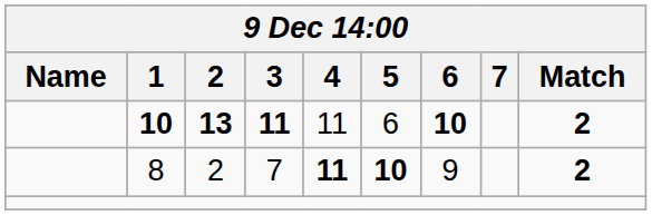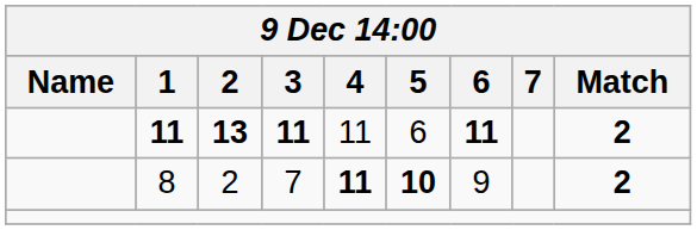 <table class=wikitable style="text-align:center; width: 55%">
 <tr>
 <th colspan=17><em> 9 Dec 14:00</em></th>
 </tr>
 <tr>
 <th>Name</th>
 <th>1</th>
 <th>2</th>
 <th>3</th>
 <th>4</th>
 <th>5</th>
 <th>6</th>
 <th>7</th>
 <th>Match</th>
 </tr>
 <tr>
 <td style="text-align:left;"><strong></strong></td>
-<td><strong>10</strong></td>
+<td><strong>11</strong></td>
 <td><strong>13</strong></td>
 <td><strong>11</strong></td>
 <td>11</td>
 <td>6</td>
-<td><strong>10</strong></td>
+<td><strong>11</strong></td>
 <td></td>
 <td><strong>2</strong></td>
 </tr>
 <tr>
 <td style="text-align:left;"></td>
 <td>8</td>
 <td>2</td>
 <td>7</td>
 <td><strong>11</strong></td>
 <td><strong>10</strong></td>
 <td>9</td>
 <td></td>
 <td><strong>2</strong></td>
 </tr>
 <tr>
 <td colspan=17></td>
 </tr>
 </table>
